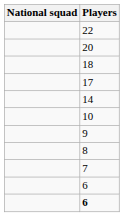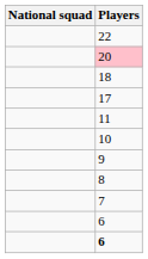 <table class="wikitable sortable">
 <tr>
 <th>National squad</th>
 <th>Players</th>
 </tr>
 <tr>
 <td></td>
 <td>22</td>
 </tr>
 <tr>
 <td></td>
-<td>20</td>
+<td style="background: pink;">20</td>
 </tr>
 <tr>
 <td></td>
 <td>18</td>
 </tr>
 <tr>
 <td></td>
 <td>17</td>
 </tr>
 <tr>
 <td></td>
-<td>14</td>
+<td>11</td>
 </tr>
 <tr>
 <td></td>
 <td>10</td>
 </tr>
 <tr>
 <td></td>
 <td>9</td>
 </tr>
 <tr>
 <td></td>
 <td>8</td>
 </tr>
 <tr>
 <td></td>
 <td>7</td>
 </tr>
 <tr>
 <td></td>
 <td>6</td>
 </tr>
 <tr>
 <td></td>
 <td><strong>6</strong></td>
 </tr>
 </table>
